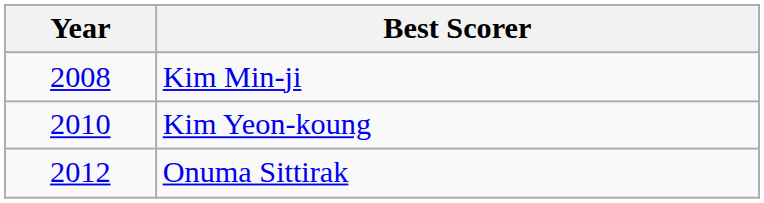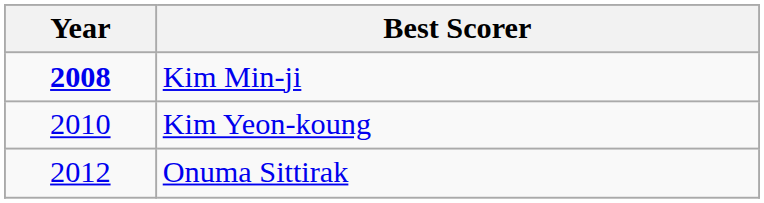 <table class="wikitable" style="width: 400px;">
 <tr>
 <th style="width: 20%;">Year</th>
 <th style="width: 80%;">Best Scorer</th>
 </tr>
 <tr>
-<td align=center><a href='#'>2008</a></td>
+<td align=center><strong><a href='#'>2008</a></strong></td>
 <td> <a href='#'>Kim Min-ji</a></td>
 </tr>
 <tr>
 <td align=center><a href='#'>2010</a></td>
 <td> <a href='#'>Kim Yeon-koung</a></td>
 </tr>
 <tr>
 <td align=center><a href='#'>2012</a></td>
 <td> <a href='#'>Onuma Sittirak</a></td>
 </tr>
 </table>
